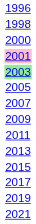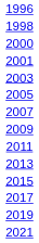 <table>
 <tr>
 <td align=center><a href='#'>1996</a></td>
 <td></td>
 <td></td>
 <td></td>
 </tr>
 <tr>
-<td align=center style="background: lightyellow;"><a href='#'>1998</a></td>
+<td align=center><a href='#'>1998</a></td>
 <td></td>
 <td></td>
 <td></td>
 </tr>
 <tr>
 <td align=center><a href='#'>2000</a></td>
 <td></td>
 <td></td>
 <td></td>
 </tr>
 <tr>
-<td align=center style="background: pink;"><a href='#'>2001</a></td>
+<td align=center><a href='#'>2001</a></td>
 <td></td>
 <td></td>
 <td></td>
 </tr>
 <tr>
-<td align=center style="background: lightgreen;"><a href='#'>2003</a></td>
+<td align=center><a href='#'>2003</a></td>
 <td></td>
 <td></td>
 <td></td>
 </tr>
 <tr>
 <td align=center><a href='#'>2005</a></td>
 <td></td>
 <td></td>
 <td></td>
 </tr>
 <tr>
 <td align=center><a href='#'>2007</a></td>
 <td></td>
 <td></td>
 <td></td>
 </tr>
 <tr>
 <td align=center><a href='#'>2009</a></td>
 <td></td>
 <td></td>
 <td></td>
 </tr>
 <tr>
 <td align=center><a href='#'>2011</a></td>
 <td></td>
 <td></td>
 <td></td>
 </tr>
 <tr>
 <td align=center><a href='#'>2013</a></td>
 <td></td>
 <td></td>
 <td></td>
 </tr>
 <tr>
 <td align=center><a href='#'>2015</a></td>
 <td></td>
 <td></td>
 <td></td>
 </tr>
 <tr>
 <td align=center><a href='#'>2017</a></td>
 <td></td>
 <td></td>
 <td></td>
 </tr>
 <tr>
 <td align=center><a href='#'>2019</a></td>
 <td></td>
 <td></td>
 <td></td>
 </tr>
 <tr>
 <td align=center><a href='#'>2021</a></td>
 <td></td>
 <td></td>
 <td></td>
 </tr>
 </table>
